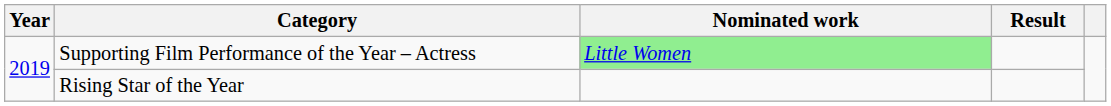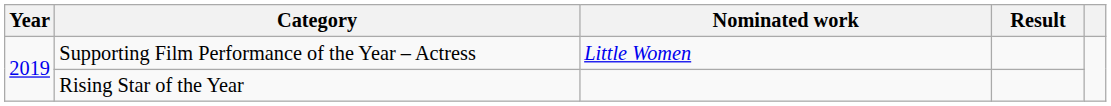 <table class="wikitable sortable">
 <tr>
 <th scope="col" style="width:1em;">Year</th>
 <th scope="col" style="width:39em;">Category</th>
 <th scope="col" style="width:30em;">Nominated work</th>
 <th scope="col" style="width:5em;">Result</th>
 <th scope="col" style="width:1em;"class="unsortable"></th>
 </tr>
 <tr>
 <td rowspan="2"><a href='#'>2019</a></td>
 <td>Supporting Film Performance of the Year – Actress</td>
-<td style="background: lightgreen;"><em><a href='#'>Little Women</a></em></td>
+<td><em><a href='#'>Little Women</a></em></td>
 <td></td>
 <td align="center" rowspan="2"></td>
 </tr>
 <tr>
 <td>Rising Star of the Year</td>
 <td></td>
 <td></td>
 </tr>
 </table>
